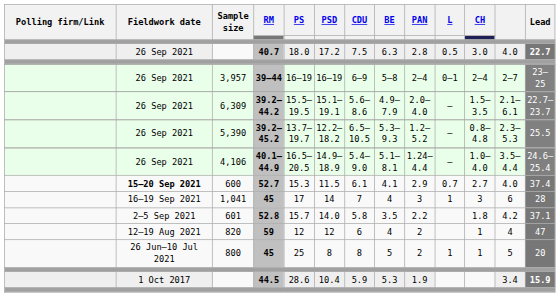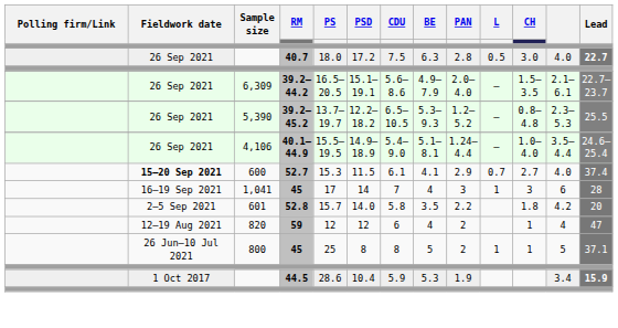 <table class="wikitable sortable mw-datatable" style="text-align:center;font-size:90%;line-height:16px;">
 <tr style="height:42px;">
 <th style="width:145px;" rowspan="2">Polling firm/Link</th>
 <th style="width:125px;" rowspan="2">Fieldwork date</th>
 <th class="unsortable" style="width:50px;" rowspan="2">Sample size</th>
 <th class="unsortable" style="width:35px;"><a href='#'>RM</a></th>
 <th class="unsortable" style="width:35px;"><a href='#'>PS</a></th>
 <th class="unsortable" style="width:35px;"><a href='#'>PSD</a></th>
 <th class="unsortable" style="width:35px;"><a href='#'>CDU</a></th>
 <th class="unsortable" style="width:35px;"><a href='#'>BE</a></th>
 <th class="unsortable" style="width:35px;"><a href='#'>PAN</a></th>
 <th class="unsortable" style="width:35px;"><a href='#'>L</a></th>
 <th class="unsortable" style="width:35px;"><a href='#'>CH</a></th>
 <th class="unsortable" style="width:35px;" rowspan="2"></th>
 <th class="unsortable" style="width:30px;" rowspan="2">Lead</th>
 </tr>
 <tr>
 <th class="unsortable" style="color:inherit;background:#777777;"></th>
 <th class="unsortable" style="color:inherit;background:"></th>
 <th class="unsortable" style="color:inherit;background:"></th>
 <th class="unsortable" style="color:inherit;background:"></th>
 <th class="unsortable" style="color:inherit;background:"></th>
 <th class="unsortable" style="color:inherit;background:"></th>
 <th class="unsortable" style="color:inherit;background:"></th>
 <th class="unsortable" style="color:inherit;background:#202056;"></th>
 </tr>
 <tr>
 <td colspan="13" style="background:#A0A0A0"></td>
 </tr>
 <tr>
 <td style="background:#EFEFEF;"><strong></strong></td>
 <td style="background:#EFEFEF;" data-sort-value="2019-10-06">26 Sep 2021</td>
 <td></td>
 <td style="background:#C0C0C0"><strong>40.7</strong><br></td>
 <td style="background:#EFEFEF;">18.0<br></td>
 <td style="background:#EFEFEF;">17.2<br></td>
 <td style="background:#EFEFEF;">7.5<br></td>
 <td style="background:#EFEFEF;">6.3<br></td>
 <td style="background:#EFEFEF;">2.8<br></td>
 <td style="background:#EFEFEF;">0.5<br></td>
 <td style="background:#EFEFEF;">3.0<br></td>
 <td style="background:#EFEFEF;">4.0<br></td>
 <td style="background:#777777; color:white;"><strong>22.7</strong></td>
 </tr>
 <tr>
 <td colspan="13" style="background:#A0A0A0"></td>
 </tr>
 <tr>
 </tr>
-<tr style="background:#EAFFEA"|>
-<td></td>
-<td data-sort-value="2019-10-06">26 Sep 2021</td>
-<td>3,957</td>
-<td style="background:#C0C0C0"><strong>39–44</strong><br></td>
-<td>16–19<br></td>
-<td>16–19<br></td>
-<td>6–9<br></td>
-<td>5–8<br></td>
-<td>2–4<br></td>
-<td>0–1<br></td>
-<td>2–4<br></td>
-<td>2–7<br></td>
-<td style="background:gray; color:white;">23–<br>25</td>
-</tr>
 <tr>
 </tr>
 <tr style="background:#EAFFEA"|>
 <td></td>
 <td data-sort-value="2019-10-06">26 Sep 2021</td>
 <td>6,309</td>
 <td style="background:#C0C0C0"><strong>39.2–<br>44.2</strong><br></td>
-<td>15.5–<br>19.5<br></td>
+<td>16.5–<br>20.5<br></td>
 <td>15.1–<br>19.1<br></td>
 <td>5.6–<br>8.6<br></td>
 <td>4.9–<br>7.9<br></td>
 <td>2.0–<br>4.0<br></td>
 <td>–</td>
 <td>1.5–<br>3.5<br></td>
 <td>2.1–<br>6.1<br></td>
 <td style="background:gray; color:white;">22.7–<br>23.7</td>
 </tr>
 <tr>
 </tr>
 <tr style="background:#EAFFEA"|>
 <td></td>
 <td data-sort-value="2019-10-06">26 Sep 2021</td>
 <td>5,390</td>
 <td style="background:#C0C0C0"><strong>39.2–<br>45.2</strong><br></td>
 <td>13.7–<br>19.7<br></td>
 <td>12.2–<br>18.2<br></td>
 <td>6.5–<br>10.5<br></td>
 <td>5.3–<br>9.3<br></td>
 <td>1.2–<br>5.2<br></td>
 <td>–</td>
 <td>0.8–<br>4.8<br></td>
 <td>2.3–<br>5.3<br></td>
 <td style="background:gray; color:white;">25.5</td>
 </tr>
 <tr>
 </tr>
 <tr style="background:#EAFFEA"|>
 <td></td>
 <td data-sort-value="2019-10-06">26 Sep 2021</td>
 <td>4,106</td>
 <td style="background:#C0C0C0"><strong>40.1–<br>44.9</strong><br></td>
-<td>16.5–<br>20.5<br></td>
+<td>15.5–<br>19.5<br></td>
 <td>14.9–<br>18.9<br></td>
 <td>5.4–<br>9.0<br></td>
 <td>5.1–<br>8.1<br></td>
 <td>1.24–<br>4.4<br></td>
 <td>–</td>
 <td>1.0–<br>4.0<br></td>
 <td>3.5–<br>4.4<br></td>
 <td style="background:gray; color:white;">24.6–<br>25.4</td>
 </tr>
 <tr>
 <td align="center"><br></td>
 <td align="center"><strong>15–20 Sep 2021</strong></td>
 <td>600</td>
 <td style="background:#C0C0C0"><strong>52.7</strong><br></td>
 <td align="center">15.3<br></td>
 <td align="center">11.5<br></td>
 <td align="center">6.1<br></td>
 <td align="center">4.1<br></td>
 <td align="center">2.9<br></td>
 <td align="center">0.7<br></td>
 <td align="center">2.7<br></td>
 <td align="center">4.0<br></td>
 <td style="background:#777777; color:white;">37.4</td>
 </tr>
 <tr>
 <td align="center"><br></td>
 <td align="center">16–19 Sep 2021</td>
 <td>1,041</td>
 <td style="background:#C0C0C0"><strong>45</strong><br></td>
 <td align="center">17<br></td>
 <td align="center">14<br></td>
 <td align="center">7<br></td>
 <td align="center">4<br></td>
 <td align="center">3<br></td>
 <td align="center">1<br></td>
 <td align="center">3<br></td>
 <td align="center">6<br></td>
 <td style="background:#777777; color:white;">28</td>
 </tr>
 <tr>
 <td align="center"></td>
 <td align="center">2–5 Sep 2021</td>
 <td>601</td>
 <td style="background:#C0C0C0"><strong>52.8</strong></td>
 <td align="center">15.7</td>
 <td align="center">14.0</td>
 <td align="center">5.8</td>
 <td align="center">3.5</td>
 <td align="center">2.2</td>
 <td></td>
 <td align="center">1.8</td>
 <td align="center">4.2</td>
-<td style="background:#777777; color:white;">37.1</td>
+<td style="background:#777777; color:white;">20</td>
 </tr>
 <tr>
 <td align="center"></td>
 <td align="center">12–19 Aug 2021</td>
 <td>820</td>
 <td style="background:#C0C0C0"><strong>59</strong></td>
 <td align="center">12</td>
 <td align="center">12</td>
 <td align="center">6</td>
 <td align="center">4</td>
 <td align="center">2</td>
 <td></td>
 <td align="center">1</td>
 <td align="center">4</td>
 <td style="background:#777777; color:white;">47</td>
 </tr>
 <tr>
 <td align="center"></td>
 <td align="center">26 Jun–10 Jul 2021</td>
 <td>800</td>
 <td style="background:#C0C0C0"><strong>45</strong></td>
 <td align="center">25</td>
 <td align="center">8</td>
 <td align="center">8</td>
 <td align="center">5</td>
 <td align="center">2</td>
 <td align="center">1</td>
 <td align="center">1</td>
 <td align="center">5</td>
-<td style="background:#777777; color:white;">20</td>
+<td style="background:#777777; color:white;">37.1</td>
 </tr>
 <tr>
 <td colspan="13" style="background:#A0A0A0"></td>
 </tr>
 <tr>
 <td style="background:#EFEFEF;"><strong></strong></td>
 <td style="background:#EFEFEF;" data-sort-value="2019-10-06">1 Oct 2017</td>
 <td></td>
 <td style="background:#C0C0C0"><strong>44.5</strong><br></td>
 <td style="background:#EFEFEF;">28.6<br></td>
 <td style="background:#EFEFEF;">10.4<br></td>
 <td style="background:#EFEFEF;">5.9<br></td>
 <td style="background:#EFEFEF;">5.3<br></td>
 <td style="background:#EFEFEF;">1.9<br></td>
 <td></td>
 <td></td>
 <td style="background:#EFEFEF;">3.4<br></td>
 <td style="background:#777777; color:white;"><strong>15.9</strong></td>
 </tr>
 <tr>
 <td colspan="13" style="background:#A0A0A0"></td>
 </tr>
 </table>
